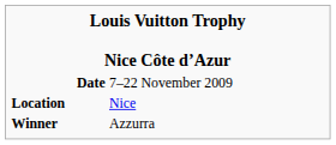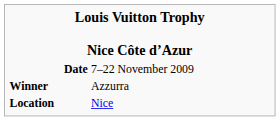 <table class="infobox" style="width: 23em; font-size: 90%">
 <tr>
 <th colspan="2" style="text-align: center; font-size: larger;"><strong>Louis Vuitton Trophy</strong><br><br><strong>Nice Côte d’Azur</strong></th>
 </tr>
 <tr>
 <td style="text-align: right;"><strong>Date</strong></td>
 <td>7–22 November 2009</td>
 </tr>
 <tr>
+<td><strong>Winner</strong></td>
+<td> Azzurra</td>
+</tr>
+<tr>
 <td><strong>Location</strong></td>
 <td><a href='#'>Nice</a></td>
 </tr>
-<tr>
-<td><strong>Winner</strong></td>
-<td> Azzurra</td>
-</tr>
 </table>
